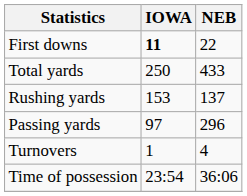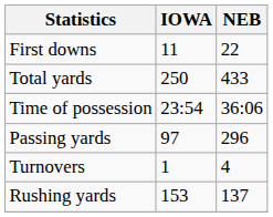 <table class="wikitable">
 <tr>
 <th>Statistics</th>
 <th>IOWA</th>
 <th>NEB</th>
 </tr>
 <tr>
 <td>First downs</td>
-<td><strong>11</strong></td>
+<td>11</td>
 <td>22</td>
 </tr>
 <tr>
 <td>Total yards</td>
 <td>250</td>
 <td>433</td>
 </tr>
 <tr>
-<td>Rushing yards</td>
-<td>153</td>
-<td>137</td>
+<td>Time of possession</td>
+<td>23:54</td>
+<td>36:06</td>
 </tr>
 <tr>
 <td>Passing yards</td>
 <td>97</td>
 <td>296</td>
 </tr>
 <tr>
 <td>Turnovers</td>
 <td>1</td>
 <td>4</td>
 </tr>
 <tr>
-<td>Time of possession</td>
-<td>23:54</td>
-<td>36:06</td>
+<td>Rushing yards</td>
+<td>153</td>
+<td>137</td>
 </tr>
 <tr>
 </tr>
 </table>
